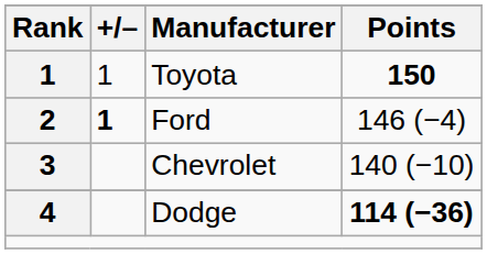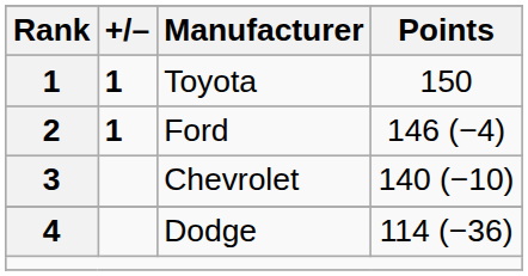 <table class="wikitable sortable">
 <tr>
 </tr>
 <tr>
 <th scope="col">Rank</th>
 <th scope="col">+/–</th>
 <th scope="col">Manufacturer</th>
 <th scope="col">Points</th>
 </tr>
 <tr>
 <th scope="row">1</th>
-<td align="left"> 1</td>
+<td align="left"><strong> 1</strong></td>
 <td>Toyota</td>
-<td style="text-align:center;"><strong>150</strong></td>
+<td style="text-align:center;">150</td>
 </tr>
 <tr>
 <th scope="row">2</th>
 <td align="left"><strong> 1</strong></td>
 <td>Ford</td>
 <td style="text-align:center;">146 (−4)</td>
 </tr>
 <tr>
 <th scope="row">3</th>
 <td align="left"></td>
 <td>Chevrolet</td>
 <td style="text-align:center;">140 (−10)</td>
 </tr>
 <tr class="sortbottom">
 </tr>
 <tr>
 <th scope="row">4</th>
 <td align="left"></td>
 <td>Dodge</td>
-<td style="text-align:center;"><strong>114 (−36)</strong></td>
+<td style="text-align:center;">114 (−36)</td>
 </tr>
 <tr class="sortbottom">
 <td colspan="9"></td>
 </tr>
 </table>
